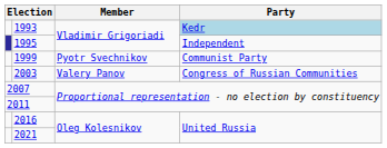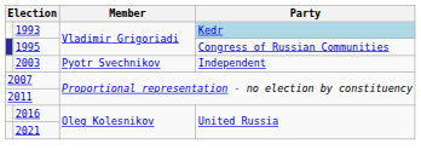 <table class="wikitable">
 <tr>
 <th colspan="2">Election</th>
 <th>Member</th>
 <th>Party</th>
 </tr>
 <tr>
 <td style="background-color:"></td>
 <td><a href='#'>1993</a></td>
 <td rowspan=2><a href='#'>Vladimir Grigoriadi</a></td>
 <td style="background: lightblue;"><a href='#'>Kedr</a></td>
 </tr>
 <tr>
 <td style="background-color:#2C299A"></td>
 <td><a href='#'>1995</a></td>
-<td><a href='#'>Independent</a></td>
-</tr>
-<tr>
-<td style="background-color:"></td>
-<td><a href='#'>1999</a></td>
-<td><a href='#'>Pyotr Svechnikov</a></td>
-<td><a href='#'>Communist Party</a></td>
+<td><a href='#'>Congress of Russian Communities</a></td>
 </tr>
 <tr>
 <td style="background-color:"></td>
 <td><a href='#'>2003</a></td>
-<td><a href='#'>Valery Panov</a></td>
-<td><a href='#'>Congress of Russian Communities</a></td>
+<td><a href='#'>Pyotr Svechnikov</a></td>
+<td><a href='#'>Independent</a></td>
 </tr>
 <tr>
 <td colspan=2><a href='#'>2007</a></td>
 <td colspan=2 rowspan=2><em><a href='#'>Proportional representation</a> - no election by constituency</em></td>
 </tr>
 <tr>
 <td colspan=2><a href='#'>2011</a></td>
 </tr>
 <tr>
 <td style="background-color: "></td>
 <td><a href='#'>2016</a></td>
 <td rowspan=2><a href='#'>Oleg Kolesnikov</a></td>
 <td rowspan=2><a href='#'>United Russia</a></td>
 </tr>
 <tr>
 <td style="background-color: "></td>
 <td><a href='#'>2021</a></td>
 </tr>
 </table>
